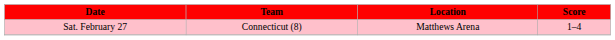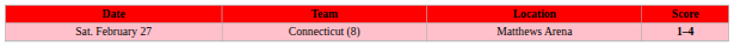 <table class="wikitable" width="80%">
 <tr align="center"  style="background:red;color:black;">
 <td><strong>Date</strong></td>
 <td><strong>Team</strong></td>
 <td><strong>Location</strong></td>
 <td><strong>Score</strong></td>
 </tr>
 <tr align="center" bgcolor="pink">
 <td>Sat. February 27</td>
 <td>Connecticut (8)</td>
 <td>Matthews Arena</td>
-<td>1–4</td>
+<td><strong>1–4</strong></td>
 </tr>
 <tr align="center" bgcolor="">
 </tr>
 </table>
